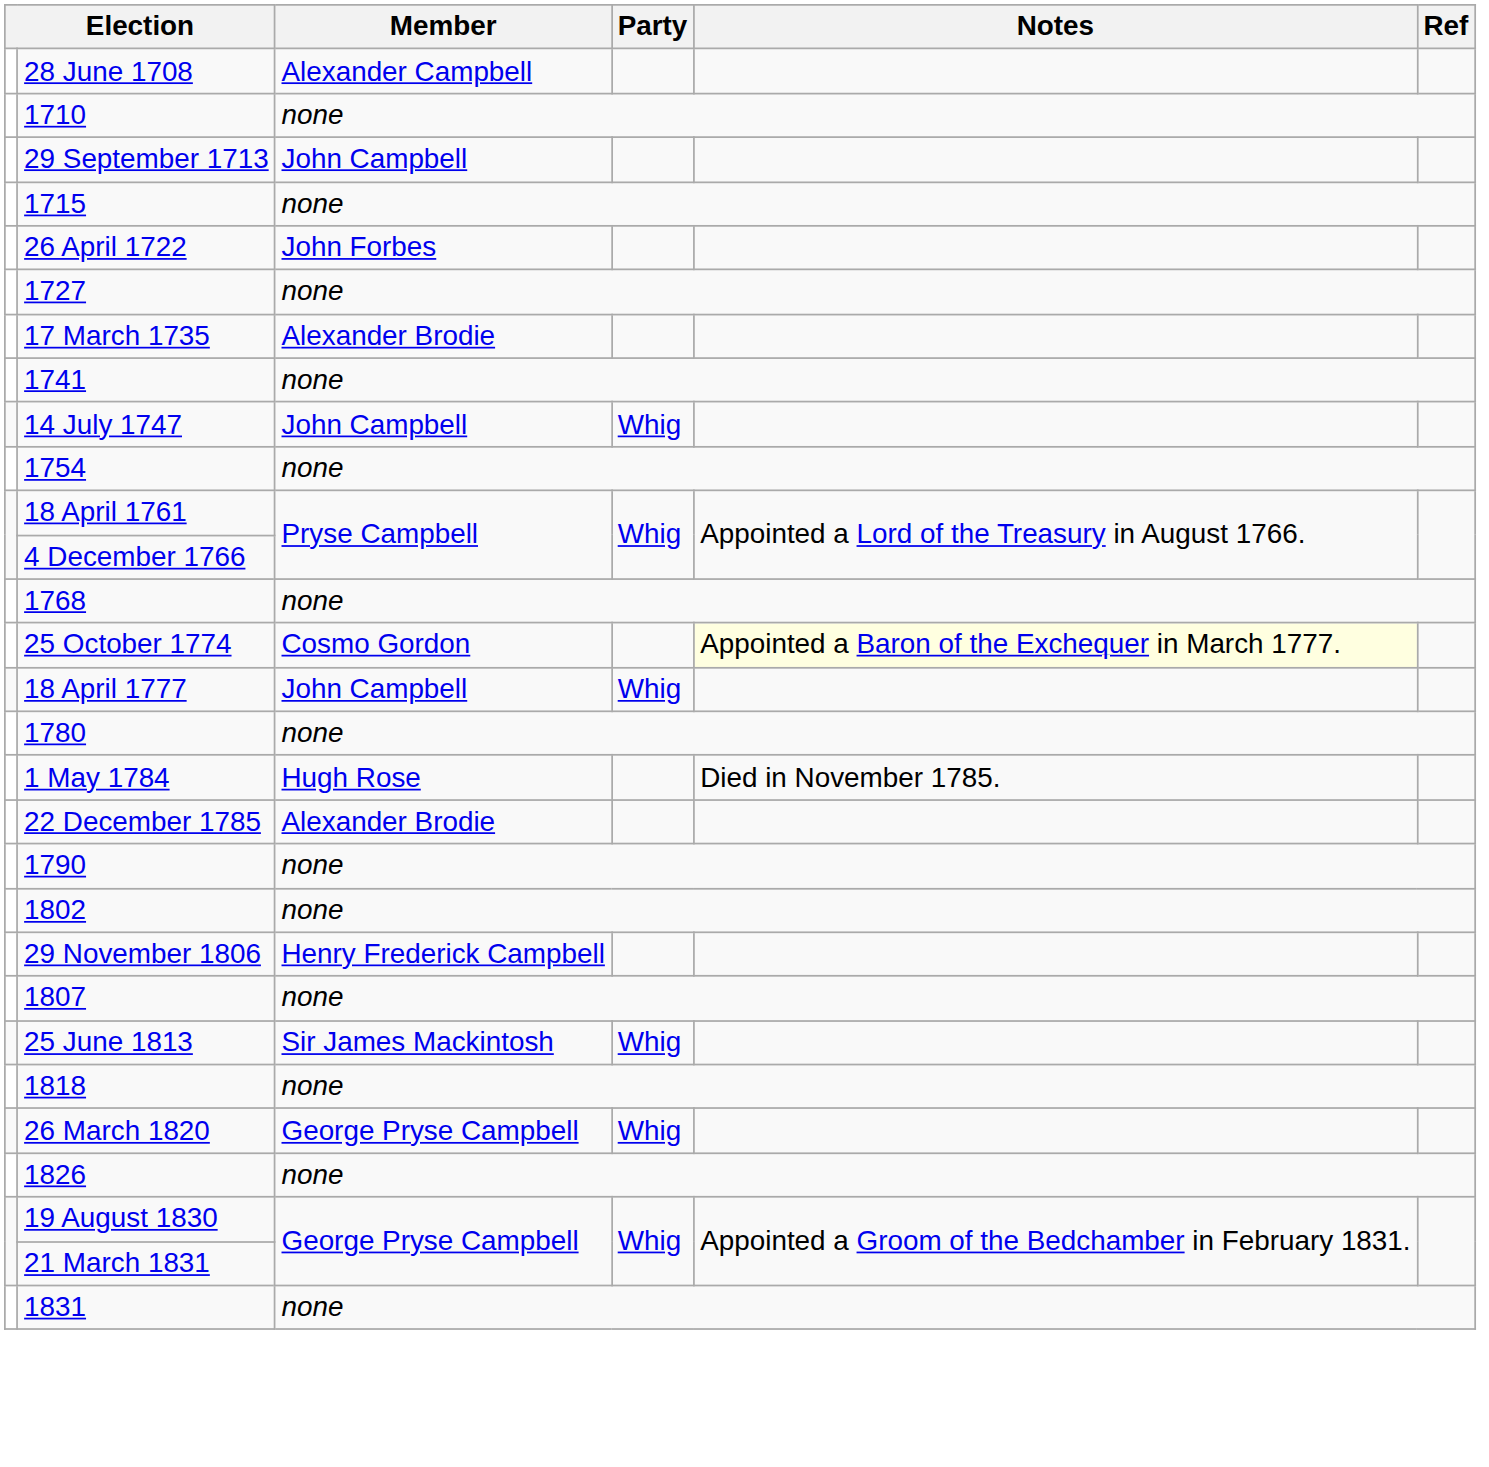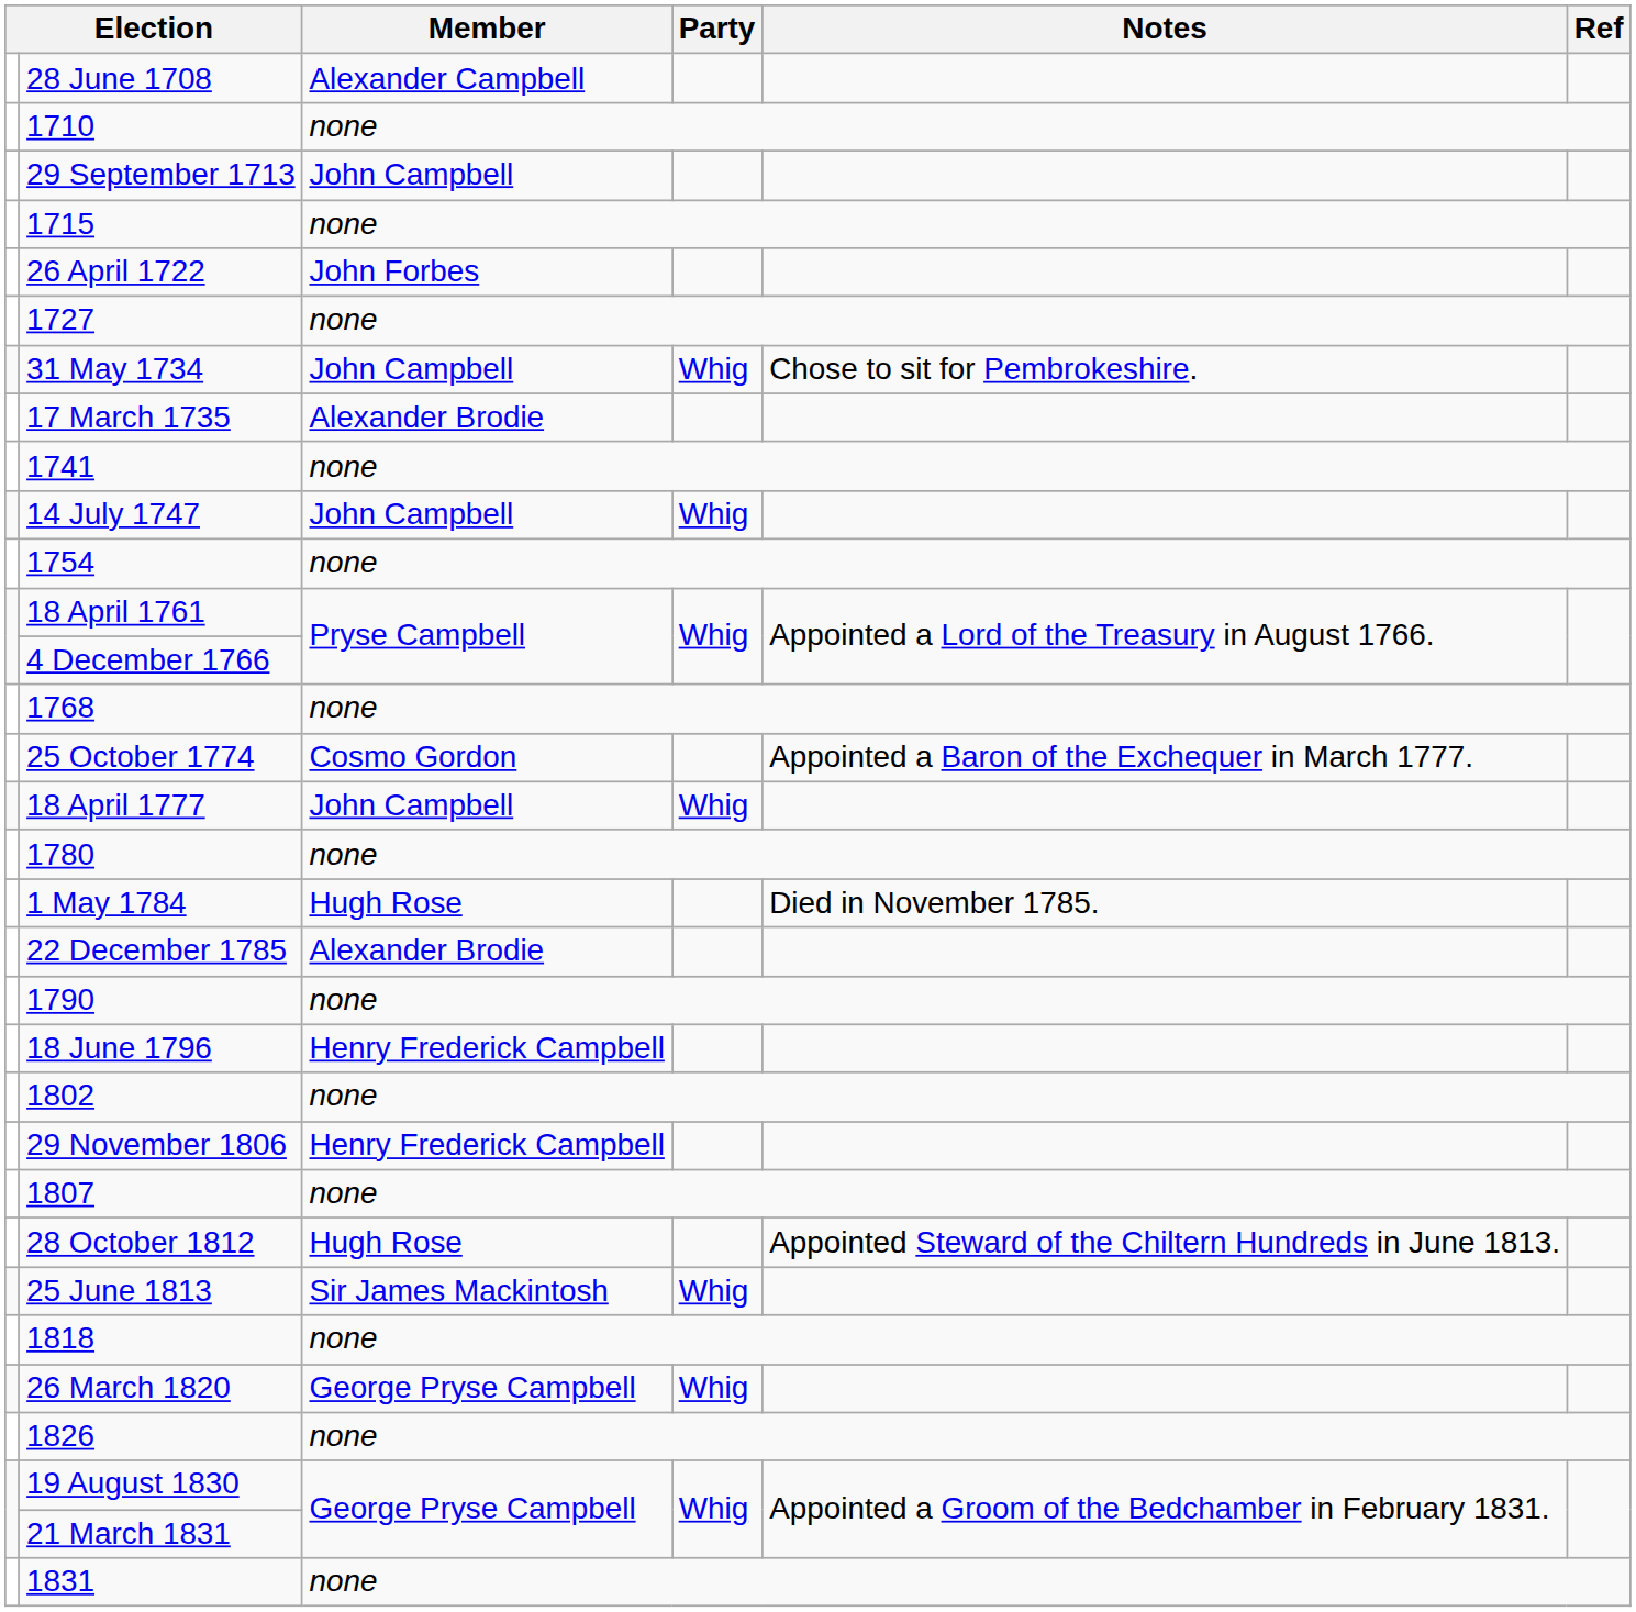 <table class="wikitable">
 <tr>
 <th colspan="2">Election</th>
 <th>Member</th>
 <th>Party</th>
 <th>Notes</th>
 <th>Ref</th>
 </tr>
 <tr>
 <td style="color:inherit;background-color: white"></td>
 <td><a href='#'>28 June 1708</a></td>
 <td><a href='#'>Alexander Campbell</a></td>
 <td></td>
 <td></td>
 <td></td>
 </tr>
 <tr>
 <td style="color:inherit;background-color: white"></td>
 <td><a href='#'>1710</a></td>
 <td colspan=4><em>none</em></td>
 </tr>
 <tr>
 <td style="color:inherit;background-color: white"></td>
 <td><a href='#'>29 September 1713</a></td>
 <td><a href='#'>John Campbell</a></td>
 <td></td>
 <td></td>
 <td></td>
 </tr>
 <tr>
 <td style="color:inherit;background-color: white"></td>
 <td><a href='#'>1715</a></td>
 <td colspan=4><em>none</em></td>
 </tr>
 <tr>
 <td style="color:inherit;background-color: white"></td>
 <td><a href='#'>26 April 1722</a></td>
 <td><a href='#'>John Forbes</a></td>
 <td></td>
 <td></td>
 <td></td>
 </tr>
 <tr>
 <td style="color:inherit;background-color: white"></td>
 <td><a href='#'>1727</a></td>
 <td colspan=4><em>none</em></td>
 </tr>
 <tr>
+<td style="color:inherit;background-color: "></td>
+<td><a href='#'>31 May 1734</a></td>
+<td><a href='#'>John Campbell</a></td>
+<td><a href='#'>Whig</a></td>
+<td>Chose to sit for <a href='#'>Pembrokeshire</a>.</td>
+<td></td>
+</tr>
+<tr>
 <td style="color:inherit;background-color: white"></td>
 <td><a href='#'>17 March 1735</a></td>
 <td><a href='#'>Alexander Brodie</a></td>
 <td></td>
 <td></td>
 <td></td>
 </tr>
 <tr>
 <td style="color:inherit;background-color: white"></td>
 <td><a href='#'>1741</a></td>
 <td colspan=4><em>none</em></td>
 </tr>
 <tr>
 <td style="color:inherit;background-color: "></td>
 <td><a href='#'>14 July 1747</a></td>
 <td><a href='#'>John Campbell</a></td>
 <td><a href='#'>Whig</a></td>
 <td></td>
 <td></td>
 </tr>
 <tr>
 <td style="color:inherit;background-color: white"></td>
 <td><a href='#'>1754</a></td>
 <td colspan=4><em>none</em></td>
 </tr>
 <tr>
 <td rowspan="2" style="color:inherit;background-color: "></td>
 <td><a href='#'>18 April 1761</a></td>
 <td rowspan="2"><a href='#'>Pryse Campbell</a></td>
 <td rowspan="2"><a href='#'>Whig</a></td>
 <td rowspan="2">Appointed a <a href='#'>Lord of the Treasury</a> in August 1766.</td>
 <td rowspan="2"></td>
 </tr>
 <tr>
 <td><a href='#'>4 December 1766</a></td>
 </tr>
 <tr>
 <td style="color:inherit;background-color: white"></td>
 <td><a href='#'>1768</a></td>
 <td colspan=4><em>none</em></td>
 </tr>
 <tr>
 <td style="color:inherit;background-color: white"></td>
 <td><a href='#'>25 October 1774</a></td>
 <td><a href='#'>Cosmo Gordon</a></td>
 <td></td>
-<td style="background: lightyellow;">Appointed a <a href='#'>Baron of the Exchequer</a> in March 1777.</td>
+<td>Appointed a <a href='#'>Baron of the Exchequer</a> in March 1777.</td>
 <td></td>
 </tr>
 <tr>
 <td style="color:inherit;background-color: "></td>
 <td><a href='#'>18 April 1777</a></td>
 <td><a href='#'>John Campbell</a></td>
 <td><a href='#'>Whig</a></td>
 <td></td>
 <td></td>
 </tr>
 <tr>
 <td style="color:inherit;background-color: white"></td>
 <td><a href='#'>1780</a></td>
 <td colspan=4><em>none</em></td>
 </tr>
 <tr>
 <td style="color:inherit;background-color: white"></td>
 <td><a href='#'>1 May 1784</a></td>
 <td><a href='#'>Hugh Rose</a></td>
 <td></td>
 <td>Died in November 1785.</td>
 <td></td>
 </tr>
 <tr>
 <td style="color:inherit;background-color: white"></td>
 <td><a href='#'>22 December 1785</a></td>
 <td><a href='#'>Alexander Brodie</a></td>
 <td></td>
 <td></td>
 <td></td>
 </tr>
 <tr>
 <td style="color:inherit;background-color: white"></td>
 <td><a href='#'>1790</a></td>
 <td colspan=4><em>none</em></td>
 </tr>
 <tr>
 <td style="color:inherit;background-color: white"></td>
+<td><a href='#'>18 June 1796</a></td>
+<td><a href='#'>Henry Frederick Campbell</a></td>
+<td></td>
+<td></td>
+<td></td>
+</tr>
+<tr>
+<td style="color:inherit;background-color: white"></td>
 <td><a href='#'>1802</a></td>
 <td colspan=4><em>none</em></td>
 </tr>
 <tr>
 <td style="color:inherit;background-color: white"></td>
 <td><a href='#'>29 November 1806</a></td>
 <td><a href='#'>Henry Frederick Campbell</a></td>
 <td></td>
 <td></td>
 <td></td>
 </tr>
 <tr>
 <td style="color:inherit;background-color: white"></td>
 <td><a href='#'>1807</a></td>
 <td colspan=4><em>none</em></td>
+</tr>
+<tr>
+<td style="color:inherit;background-color: white"></td>
+<td><a href='#'>28 October 1812</a></td>
+<td><a href='#'>Hugh Rose</a></td>
+<td></td>
+<td>Appointed <a href='#'>Steward of the Chiltern Hundreds</a> in June 1813.</td>
+<td></td>
 </tr>
 <tr>
 <td style="color:inherit;background-color: "></td>
 <td><a href='#'>25 June 1813</a></td>
 <td><a href='#'>Sir James Mackintosh</a></td>
 <td><a href='#'>Whig</a></td>
 <td></td>
 <td></td>
 </tr>
 <tr>
 <td style="color:inherit;background-color: white"></td>
 <td><a href='#'>1818</a></td>
 <td colspan=4><em>none</em></td>
 </tr>
 <tr>
 <td style="color:inherit;background-color: "></td>
 <td><a href='#'>26 March 1820</a></td>
 <td><a href='#'>George Pryse Campbell</a></td>
 <td><a href='#'>Whig</a></td>
 <td></td>
 <td></td>
 </tr>
 <tr>
 <td style="color:inherit;background-color: white"></td>
 <td><a href='#'>1826</a></td>
 <td colspan=4><em>none</em></td>
 </tr>
 <tr>
 <td rowspan="2" style="color:inherit;background-color: "></td>
 <td><a href='#'>19 August 1830</a></td>
 <td rowspan="2"><a href='#'>George Pryse Campbell</a></td>
 <td rowspan="2"><a href='#'>Whig</a></td>
 <td rowspan="2">Appointed a <a href='#'>Groom of the Bedchamber</a> in February 1831.</td>
 <td rowspan="2"></td>
 </tr>
 <tr>
 <td><a href='#'>21 March 1831</a></td>
 </tr>
 <tr>
 <td style="color:inherit;background-color: white"></td>
 <td><a href='#'>1831</a></td>
 <td colspan=4><em>none</em></td>
 </tr>
 </table>
